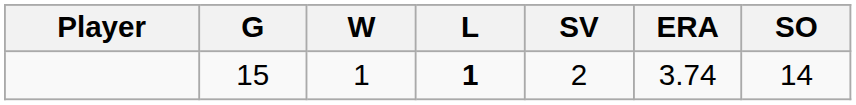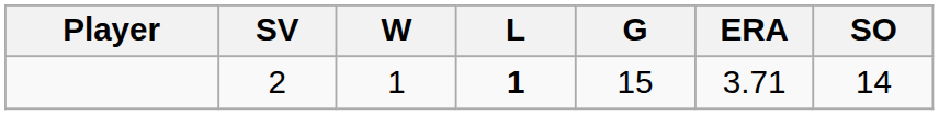 <table class="wikitable sortable">
 <tr>
 <th bgcolor="#DDDDFF" width="16%">Player</th>
-<th bgcolor="#DDDDFF" width="9%">G</th>
+<th bgcolor="#DDDDFF" width="9%">SV</th>
 <th bgcolor="#DDDDFF" width="9%">W</th>
 <th bgcolor="#DDDDFF" width="9%">L</th>
-<th bgcolor="#DDDDFF" width="9%">SV</th>
+<th bgcolor="#DDDDFF" width="9%">G</th>
 <th bgcolor="#DDDDFF" width="9%">ERA</th>
 <th bgcolor="#DDDDFF" width="9%">SO</th>
 </tr>
 <tr align="center">
 <td></td>
-<td>15</td>
+<td>2</td>
 <td>1</td>
 <td><strong>1</strong></td>
-<td>2</td>
-<td>3.74</td>
+<td>15</td>
+<td>3.71</td>
 <td>14</td>
 </tr>
 </table>
